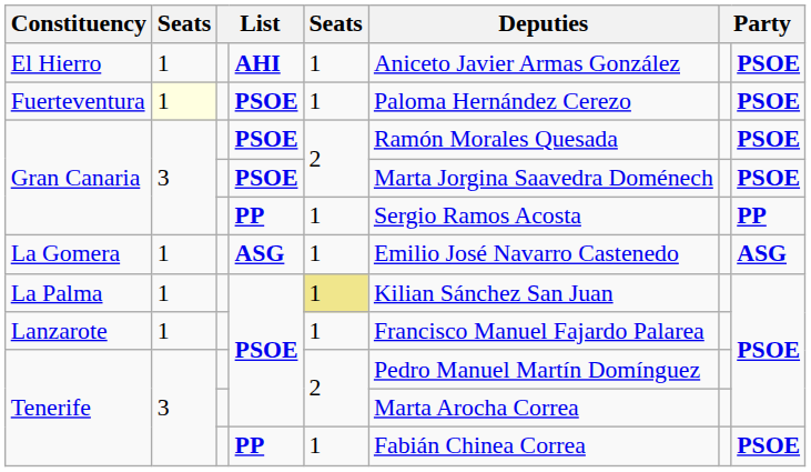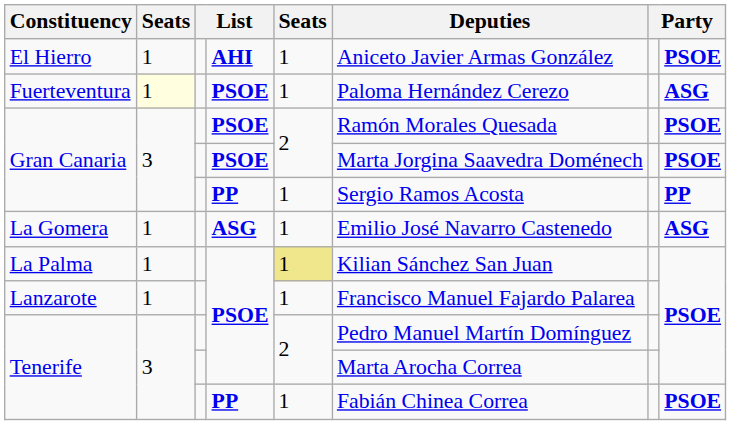 <table class="wikitable sortable">
 <tr>
 <th>Constituency</th>
 <th>Seats</th>
 <th colspan="2">List</th>
 <th>Seats</th>
 <th>Deputies</th>
 <th colspan="2">Party</th>
 </tr>
 <tr>
 <td><a href='#'>El Hierro</a></td>
 <td>1</td>
 <td></td>
 <td><a href='#'><strong>AHI</strong></a></td>
 <td>1</td>
 <td><a href='#'>Aniceto Javier Armas González</a></td>
 <td></td>
 <td><strong><a href='#'>PSOE</a></strong></td>
 </tr>
 <tr>
 <td><a href='#'>Fuerteventura</a></td>
 <td style="background: lightyellow;">1</td>
 <td width="1"></td>
 <td><strong><a href='#'>PSOE</a></strong></td>
 <td>1</td>
 <td><a href='#'>Paloma Hernández Cerezo</a></td>
 <td width="1"></td>
-<td><strong><a href='#'>PSOE</a></strong></td>
+<td><a href='#'><strong>ASG</strong></a></td>
 </tr>
 <tr>
 <td rowspan="3"><a href='#'>Gran Canaria</a></td>
 <td rowspan="3">3</td>
 <td width="1"></td>
 <td><strong><a href='#'>PSOE</a></strong></td>
 <td rowspan="2">2</td>
 <td><a href='#'>Ramón Morales Quesada</a></td>
 <td width="1"></td>
 <td><strong><a href='#'>PSOE</a></strong></td>
 </tr>
 <tr>
 <td width="1"></td>
 <td><strong><a href='#'>PSOE</a></strong></td>
 <td><a href='#'>Marta Jorgina Saavedra Doménech</a></td>
 <td width="1"></td>
 <td><strong><a href='#'>PSOE</a></strong></td>
 </tr>
 <tr>
 <td></td>
 <td><strong><a href='#'>PP</a></strong></td>
 <td>1</td>
 <td><a href='#'>Sergio Ramos Acosta</a></td>
 <td></td>
 <td><strong><a href='#'>PP</a></strong></td>
 </tr>
 <tr>
 <td><a href='#'>La Gomera</a></td>
 <td>1</td>
 <td width="1"></td>
 <td><a href='#'><strong>ASG</strong></a></td>
 <td>1</td>
 <td><a href='#'>Emilio José Navarro Castenedo</a></td>
 <td width="1"></td>
 <td><a href='#'><strong>ASG</strong></a></td>
 </tr>
 <tr>
 <td><a href='#'>La Palma</a></td>
 <td>1</td>
 <td width="1"></td>
 <td rowspan="4"><strong><a href='#'>PSOE</a></strong></td>
 <td style="background: khaki;">1</td>
 <td><a href='#'>Kilian Sánchez San Juan</a></td>
 <td width="1"></td>
 <td rowspan="4"><strong><a href='#'>PSOE</a></strong></td>
 </tr>
 <tr>
 <td><a href='#'>Lanzarote</a></td>
 <td>1</td>
 <td width="1"></td>
 <td>1</td>
 <td><a href='#'>Francisco Manuel Fajardo Palarea</a></td>
 <td width="1"></td>
 </tr>
 <tr>
 <td rowspan="3"><a href='#'>Tenerife</a></td>
 <td rowspan="3">3</td>
 <td width="1"></td>
 <td rowspan="2">2</td>
 <td><a href='#'>Pedro Manuel Martín Domínguez</a></td>
 <td width="1"></td>
 </tr>
 <tr>
 <td width="1"></td>
 <td><a href='#'>Marta Arocha Correa</a></td>
 <td width="1"></td>
 </tr>
 <tr>
 <td></td>
 <td><strong><a href='#'>PP</a></strong></td>
 <td>1</td>
 <td><a href='#'>Fabián Chinea Correa</a></td>
 <td></td>
 <td><strong><a href='#'>PSOE</a></strong></td>
 </tr>
 </table>
